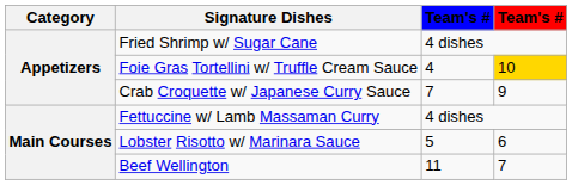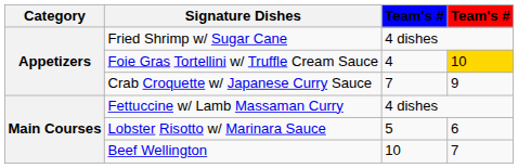 <table class="wikitable">
 <tr>
 <th>Category</th>
 <th>Signature Dishes</th>
 <th style="background:#0000FF"><span>Team's #</span></th>
 <th style="background:red"><span>Team's #</span></th>
 </tr>
 <tr>
 <th rowspan="3">Appetizers</th>
 <td>Fried Shrimp w/ <a href='#'>Sugar Cane</a></td>
 <td colspan=2>4 dishes</td>
 </tr>
 <tr>
 <td><a href='#'>Foie Gras</a> <a href='#'>Tortellini</a> w/ <a href='#'>Truffle</a> Cream Sauce</td>
 <td>4</td>
 <td style="background: gold;">10</td>
 </tr>
 <tr>
 <td>Crab <a href='#'>Croquette</a> w/ <a href='#'>Japanese Curry</a> Sauce</td>
 <td>7</td>
 <td>9</td>
 </tr>
 <tr>
 <th rowspan="3">Main Courses</th>
 <td><a href='#'>Fettuccine</a> w/ Lamb <a href='#'>Massaman Curry</a></td>
 <td colspan=2>4 dishes</td>
 </tr>
 <tr>
 <td><a href='#'>Lobster</a> <a href='#'>Risotto</a> w/ <a href='#'>Marinara Sauce</a></td>
 <td>5</td>
 <td>6</td>
 </tr>
 <tr>
 <td><a href='#'>Beef Wellington</a></td>
-<td>11</td>
+<td>10</td>
 <td>7</td>
 </tr>
 </table>
